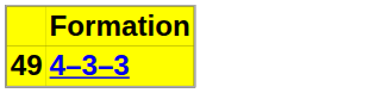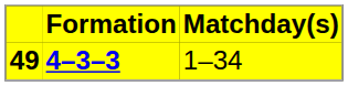 <table class="toccolours" border="0" cellpadding="2" cellspacing="0" align="center" style="margin: 0.5em 0 1em 1em; background: #000000; border: 1px #aaaaaa solid;">
 <tr bgcolor=#FFFF00>
 <th></th>
 <th>Formation</th>
+<th>Matchday(s)</th>
 </tr>
 <tr bgcolor=#FFFF00>
 <td><strong>49</strong></td>
 <td><a href='#'><span><strong>4–3–3</strong></span></a></td>
+<td>1–34</td>
 </tr>
 </table>
